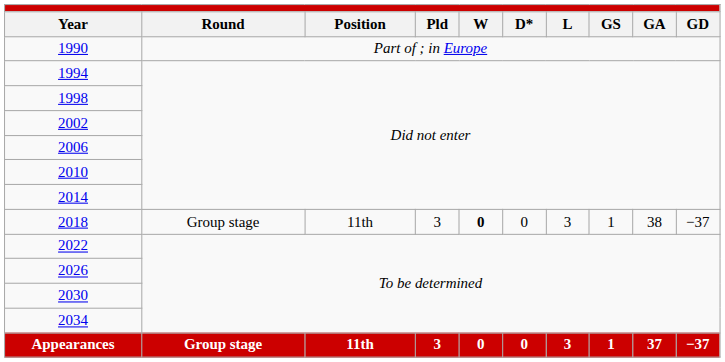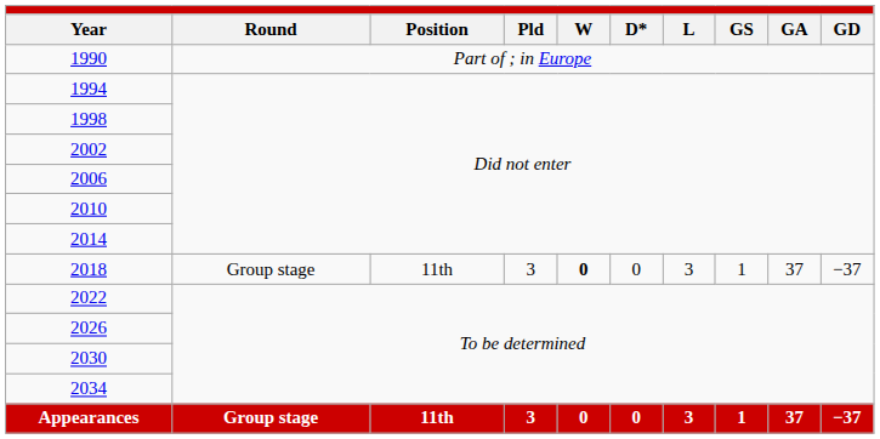 <table class="wikitable" style="text-align: center;font-size:90%;">
 <tr>
 <th colspan="10" style="background: #CC0000; color: #FFFFFF;"><a href='#'></a></th>
 </tr>
 <tr>
 <th width=125>Year</th>
 <th width=150>Round</th>
 <th width=100>Position</th>
 <th width=35>Pld</th>
 <th width=35>W</th>
 <th width=35>D*</th>
 <th width=35>L</th>
 <th width=35>GS</th>
 <th width=35>GA</th>
 <th width=35>GD</th>
 </tr>
 <tr>
 <td> <a href='#'>1990</a></td>
 <td colspan="9"><em>Part of ; in <a href='#'>Europe</a></em></td>
 </tr>
 <tr>
 <td> <a href='#'>1994</a></td>
 <td colspan="9" rowspan="6"><em>Did not enter</em></td>
 </tr>
 <tr>
 <td> <a href='#'>1998</a></td>
 </tr>
 <tr>
 <td> <a href='#'>2002</a></td>
 </tr>
 <tr>
 <td> <a href='#'>2006</a></td>
 </tr>
 <tr>
 <td> <a href='#'>2010</a></td>
 </tr>
 <tr>
 <td> <a href='#'>2014</a></td>
 </tr>
 <tr>
 <td> <a href='#'>2018</a></td>
 <td>Group stage</td>
 <td>11th</td>
 <td>3</td>
 <td><strong>0</strong></td>
 <td>0</td>
 <td>3</td>
 <td>1</td>
-<td>38</td>
+<td>37</td>
 <td>−37</td>
 </tr>
 <tr>
 <td> <a href='#'>2022</a></td>
 <td colspan="9" rowspan="4"><em>To be determined</em></td>
 </tr>
 <tr>
 <td> <a href='#'>2026</a></td>
 </tr>
 <tr>
 <td> <a href='#'>2030</a></td>
 </tr>
 <tr>
 <td> <a href='#'>2034</a></td>
 </tr>
 <tr>
 <td colspan=1 style="background: #CC0000; color: #FFFFFF;"><strong>Appearances</strong></td>
 <td style="background: #CC0000; color: #FFFFFF;"><strong>Group stage</strong></td>
 <td style="background: #CC0000; color: #FFFFFF;"><strong>11th</strong></td>
 <td style="background: #CC0000; color: #FFFFFF;"><strong>3</strong></td>
 <td style="background: #CC0000; color: #FFFFFF;"><strong>0</strong></td>
 <td style="background: #CC0000; color: #FFFFFF;"><strong>0</strong></td>
 <td style="background: #CC0000; color: #FFFFFF;"><strong>3</strong></td>
 <td style="background: #CC0000; color: #FFFFFF;"><strong>1</strong></td>
 <td style="background: #CC0000; color: #FFFFFF;"><strong>37</strong></td>
 <td style="background: #CC0000; color: #FFFFFF;"><strong>−37</strong></td>
 </tr>
 </table>
